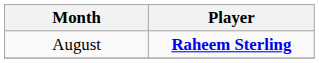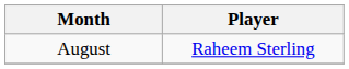 <table class="wikitable" style="text-align:center">
 <tr>
 <th>Month</th>
 <th>Player</th>
 </tr>
 <tr>
 <td style="width:130px;">August</td>
-<td style="width:150px;"><strong> <a href='#'>Raheem Sterling</a></strong></td>
+<td style="width:150px;"> <a href='#'>Raheem Sterling</a></td>
 </tr>
 <tr>
 </tr>
 </table>
